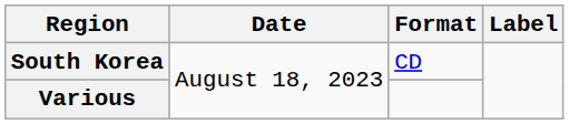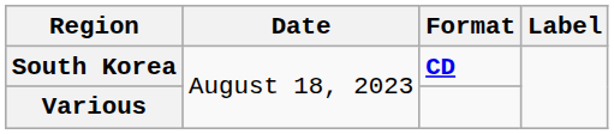 <table class="wikitable plainrowheaders">
 <tr>
 <th scope="col">Region</th>
 <th scope="col">Date</th>
 <th scope="col">Format</th>
 <th scope="col">Label</th>
 </tr>
 <tr>
 <th scope="row">South Korea</th>
 <td rowspan="2">August 18, 2023</td>
-<td><a href='#'>CD</a></td>
+<td><strong><a href='#'>CD</a></strong></td>
 <td rowspan="2"></td>
 </tr>
 <tr>
 <th scope="row">Various </th>
 <td></td>
 </tr>
 </table>
